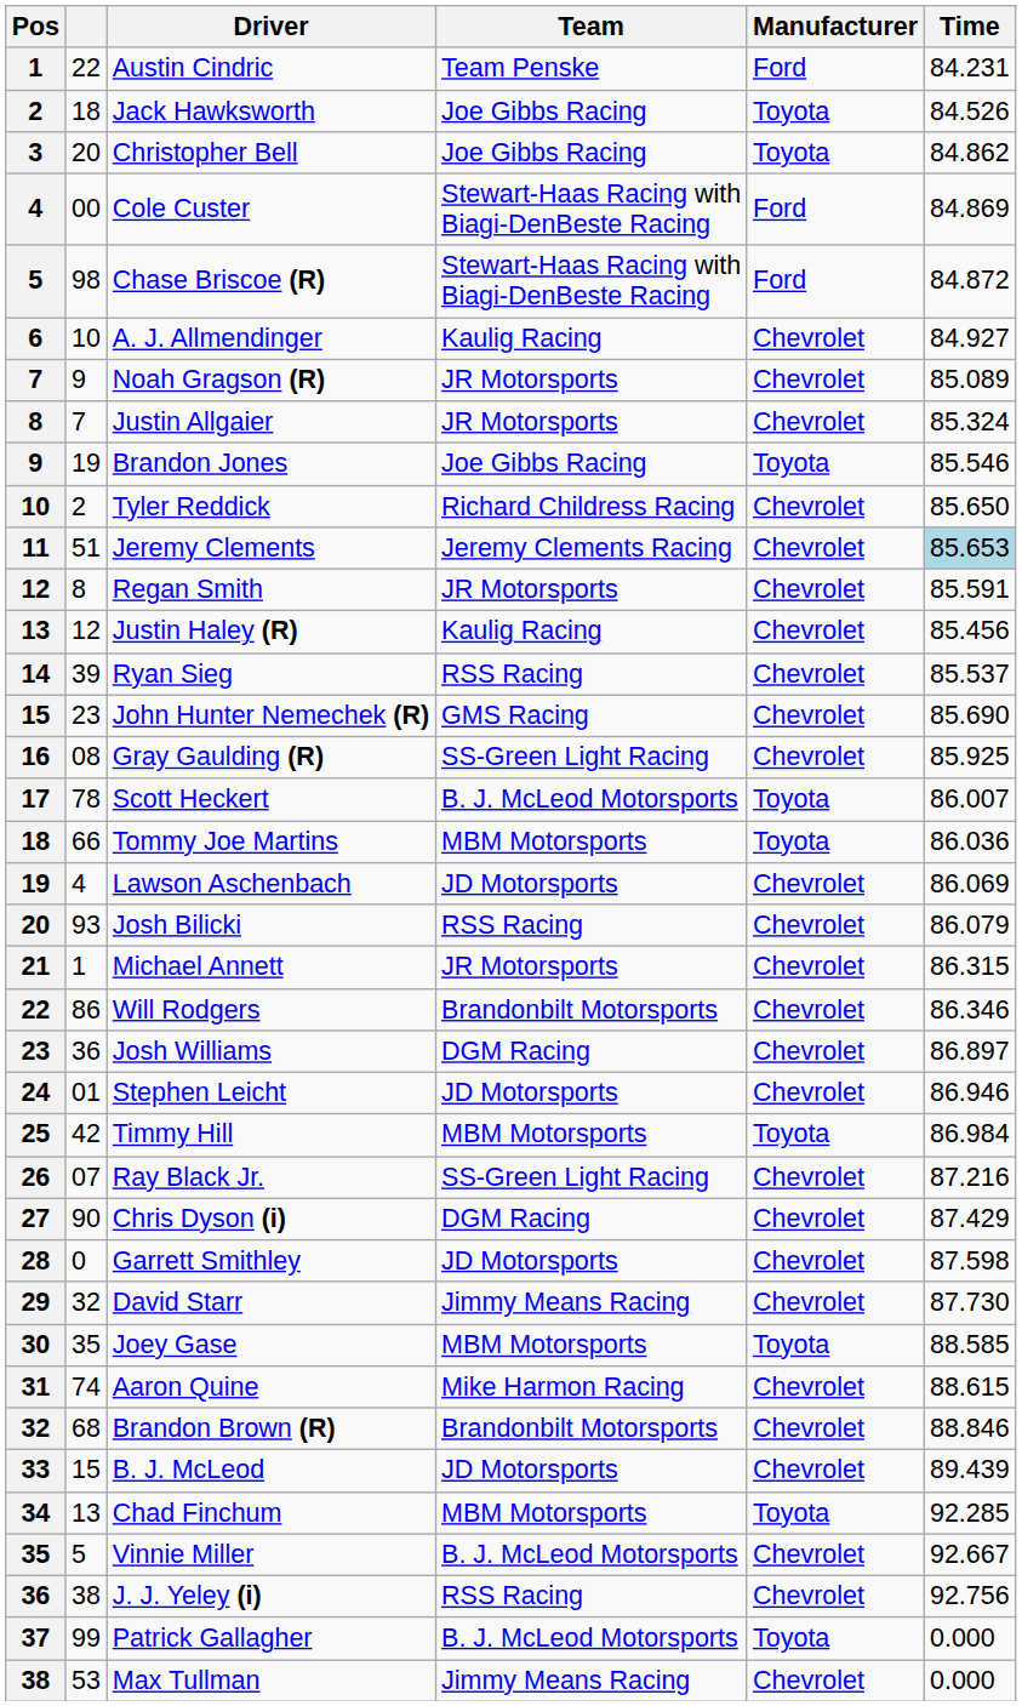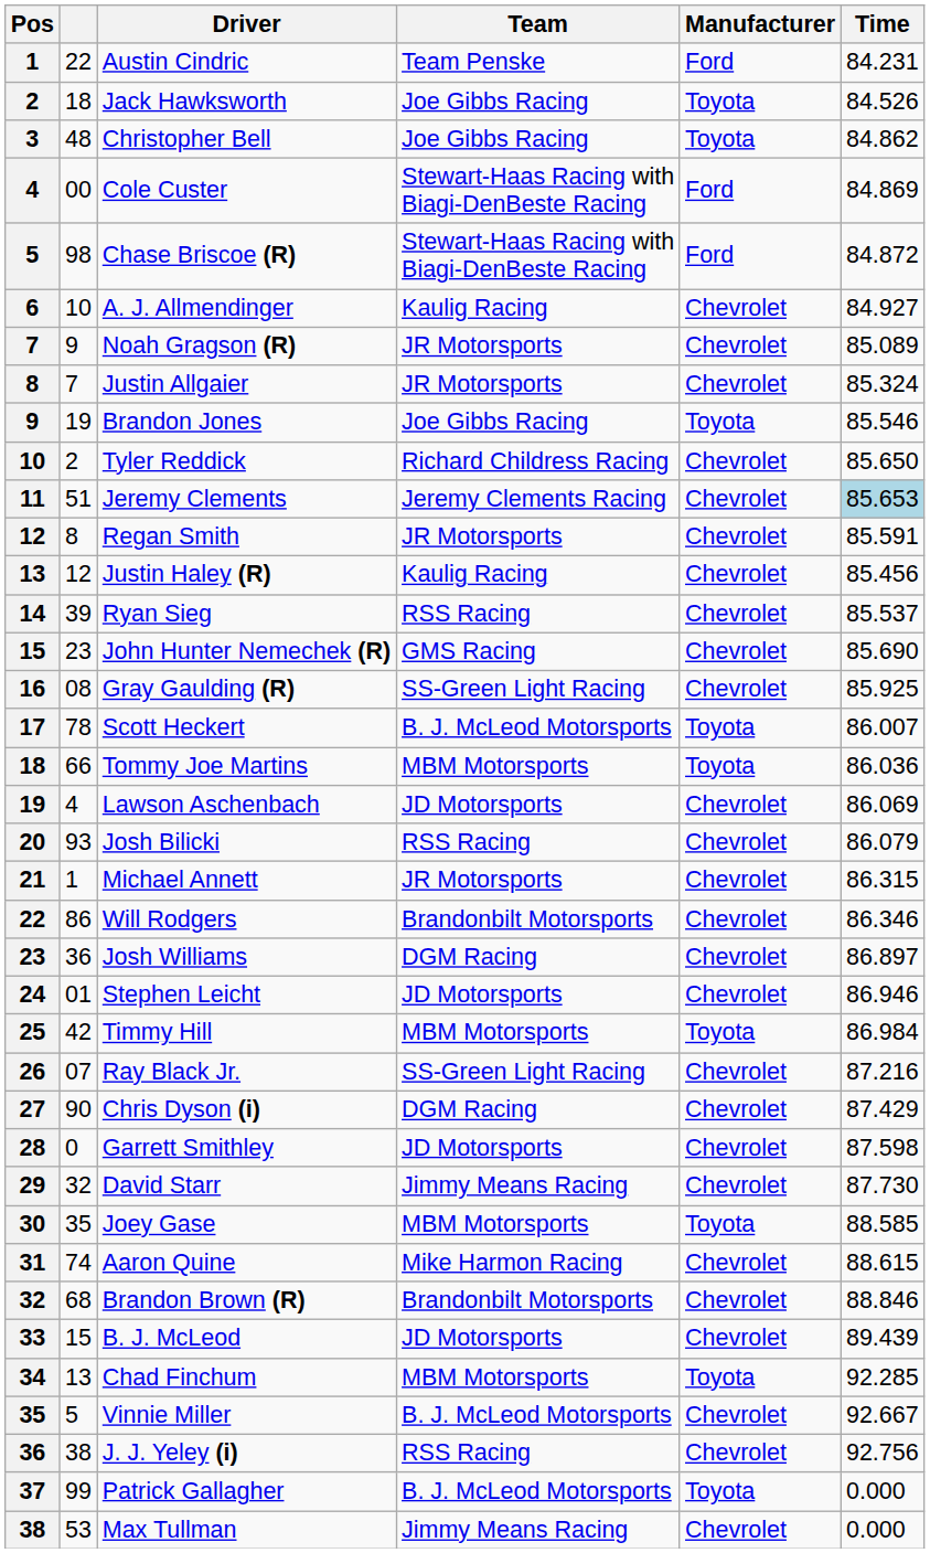 <table class="wikitable" style="font-size:98%">
 <tr>
 <th>Pos</th>
 <th></th>
 <th>Driver</th>
 <th>Team</th>
 <th>Manufacturer</th>
 <th>Time</th>
 </tr>
 <tr>
 <th>1</th>
 <td>22</td>
 <td><a href='#'>Austin Cindric</a></td>
 <td><a href='#'>Team Penske</a></td>
 <td><a href='#'>Ford</a></td>
 <td>84.231</td>
 </tr>
 <tr>
 <th>2</th>
 <td>18</td>
 <td><a href='#'>Jack Hawksworth</a></td>
 <td><a href='#'>Joe Gibbs Racing</a></td>
 <td><a href='#'>Toyota</a></td>
 <td>84.526</td>
 </tr>
 <tr>
 <th>3</th>
-<td>20</td>
+<td>48</td>
 <td><a href='#'>Christopher Bell</a></td>
 <td><a href='#'>Joe Gibbs Racing</a></td>
 <td><a href='#'>Toyota</a></td>
 <td>84.862</td>
 </tr>
 <tr>
 <th>4</th>
 <td>00</td>
 <td><a href='#'>Cole Custer</a></td>
 <td><a href='#'>Stewart-Haas Racing</a> with <br> <a href='#'>Biagi-DenBeste Racing</a></td>
 <td><a href='#'>Ford</a></td>
 <td>84.869</td>
 </tr>
 <tr>
 <th>5</th>
 <td>98</td>
 <td><a href='#'>Chase Briscoe</a> <strong>(R)</strong></td>
 <td><a href='#'>Stewart-Haas Racing</a> with <br> <a href='#'>Biagi-DenBeste Racing</a></td>
 <td><a href='#'>Ford</a></td>
 <td>84.872</td>
 </tr>
 <tr>
 <th>6</th>
 <td>10</td>
 <td><a href='#'>A. J. Allmendinger</a></td>
 <td><a href='#'>Kaulig Racing</a></td>
 <td><a href='#'>Chevrolet</a></td>
 <td>84.927</td>
 </tr>
 <tr>
 <th>7</th>
 <td>9</td>
 <td><a href='#'>Noah Gragson</a> <strong>(R)</strong></td>
 <td><a href='#'>JR Motorsports</a></td>
 <td><a href='#'>Chevrolet</a></td>
 <td>85.089</td>
 </tr>
 <tr>
 <th>8</th>
 <td>7</td>
 <td><a href='#'>Justin Allgaier</a></td>
 <td><a href='#'>JR Motorsports</a></td>
 <td><a href='#'>Chevrolet</a></td>
 <td>85.324</td>
 </tr>
 <tr>
 <th>9</th>
 <td>19</td>
 <td><a href='#'>Brandon Jones</a></td>
 <td><a href='#'>Joe Gibbs Racing</a></td>
 <td><a href='#'>Toyota</a></td>
 <td>85.546</td>
 </tr>
 <tr>
 <th>10</th>
 <td>2</td>
 <td><a href='#'>Tyler Reddick</a></td>
 <td><a href='#'>Richard Childress Racing</a></td>
 <td><a href='#'>Chevrolet</a></td>
 <td>85.650</td>
 </tr>
 <tr>
 <th>11</th>
 <td>51</td>
 <td><a href='#'>Jeremy Clements</a></td>
 <td><a href='#'>Jeremy Clements Racing</a></td>
 <td><a href='#'>Chevrolet</a></td>
 <td style="background: lightblue;">85.653</td>
 </tr>
 <tr>
 <th>12</th>
 <td>8</td>
 <td><a href='#'>Regan Smith</a></td>
 <td><a href='#'>JR Motorsports</a></td>
 <td><a href='#'>Chevrolet</a></td>
 <td>85.591</td>
 </tr>
 <tr>
 <th>13</th>
 <td>12</td>
 <td><a href='#'>Justin Haley</a> <strong>(R)</strong></td>
 <td><a href='#'>Kaulig Racing</a></td>
 <td><a href='#'>Chevrolet</a></td>
 <td>85.456</td>
 </tr>
 <tr>
 <th>14</th>
 <td>39</td>
 <td><a href='#'>Ryan Sieg</a></td>
 <td><a href='#'>RSS Racing</a></td>
 <td><a href='#'>Chevrolet</a></td>
 <td>85.537</td>
 </tr>
 <tr>
 <th>15</th>
 <td>23</td>
 <td><a href='#'>John Hunter Nemechek</a> <strong>(R)</strong></td>
 <td><a href='#'>GMS Racing</a></td>
 <td><a href='#'>Chevrolet</a></td>
 <td>85.690</td>
 </tr>
 <tr>
 <th>16</th>
 <td>08</td>
 <td><a href='#'>Gray Gaulding</a> <strong>(R)</strong></td>
 <td><a href='#'>SS-Green Light Racing</a></td>
 <td><a href='#'>Chevrolet</a></td>
 <td>85.925</td>
 </tr>
 <tr>
 <th>17</th>
 <td>78</td>
 <td><a href='#'>Scott Heckert</a></td>
 <td><a href='#'>B. J. McLeod Motorsports</a></td>
 <td><a href='#'>Toyota</a></td>
 <td>86.007</td>
 </tr>
 <tr>
 <th>18</th>
 <td>66</td>
 <td><a href='#'>Tommy Joe Martins</a></td>
 <td><a href='#'>MBM Motorsports</a></td>
 <td><a href='#'>Toyota</a></td>
 <td>86.036</td>
 </tr>
 <tr>
 <th>19</th>
 <td>4</td>
 <td><a href='#'>Lawson Aschenbach</a></td>
 <td><a href='#'>JD Motorsports</a></td>
 <td><a href='#'>Chevrolet</a></td>
 <td>86.069</td>
 </tr>
 <tr>
 <th>20</th>
 <td>93</td>
 <td><a href='#'>Josh Bilicki</a></td>
 <td><a href='#'>RSS Racing</a></td>
 <td><a href='#'>Chevrolet</a></td>
 <td>86.079</td>
 </tr>
 <tr>
 <th>21</th>
 <td>1</td>
 <td><a href='#'>Michael Annett</a></td>
 <td><a href='#'>JR Motorsports</a></td>
 <td><a href='#'>Chevrolet</a></td>
 <td>86.315</td>
 </tr>
 <tr>
 <th>22</th>
 <td>86</td>
 <td><a href='#'>Will Rodgers</a></td>
 <td><a href='#'>Brandonbilt Motorsports</a></td>
 <td><a href='#'>Chevrolet</a></td>
 <td>86.346</td>
 </tr>
 <tr>
 <th>23</th>
 <td>36</td>
 <td><a href='#'>Josh Williams</a></td>
 <td><a href='#'>DGM Racing</a></td>
 <td><a href='#'>Chevrolet</a></td>
 <td>86.897</td>
 </tr>
 <tr>
 <th>24</th>
 <td>01</td>
 <td><a href='#'>Stephen Leicht</a></td>
 <td><a href='#'>JD Motorsports</a></td>
 <td><a href='#'>Chevrolet</a></td>
 <td>86.946</td>
 </tr>
 <tr>
 <th>25</th>
 <td>42</td>
 <td><a href='#'>Timmy Hill</a></td>
 <td><a href='#'>MBM Motorsports</a></td>
 <td><a href='#'>Toyota</a></td>
 <td>86.984</td>
 </tr>
 <tr>
 <th>26</th>
 <td>07</td>
 <td><a href='#'>Ray Black Jr.</a></td>
 <td><a href='#'>SS-Green Light Racing</a></td>
 <td><a href='#'>Chevrolet</a></td>
 <td>87.216</td>
 </tr>
 <tr>
 <th>27</th>
 <td>90</td>
 <td><a href='#'>Chris Dyson</a> <strong>(i)</strong></td>
 <td><a href='#'>DGM Racing</a></td>
 <td><a href='#'>Chevrolet</a></td>
 <td>87.429</td>
 </tr>
 <tr>
 <th>28</th>
 <td>0</td>
 <td><a href='#'>Garrett Smithley</a></td>
 <td><a href='#'>JD Motorsports</a></td>
 <td><a href='#'>Chevrolet</a></td>
 <td>87.598</td>
 </tr>
 <tr>
 <th>29</th>
 <td>32</td>
 <td><a href='#'>David Starr</a></td>
 <td><a href='#'>Jimmy Means Racing</a></td>
 <td><a href='#'>Chevrolet</a></td>
 <td>87.730</td>
 </tr>
 <tr>
 <th>30</th>
 <td>35</td>
 <td><a href='#'>Joey Gase</a></td>
 <td><a href='#'>MBM Motorsports</a></td>
 <td><a href='#'>Toyota</a></td>
 <td>88.585</td>
 </tr>
 <tr>
 <th>31</th>
 <td>74</td>
 <td><a href='#'>Aaron Quine</a></td>
 <td><a href='#'>Mike Harmon Racing</a></td>
 <td><a href='#'>Chevrolet</a></td>
 <td>88.615</td>
 </tr>
 <tr>
 <th>32</th>
 <td>68</td>
 <td><a href='#'>Brandon Brown</a> <strong>(R)</strong></td>
 <td><a href='#'>Brandonbilt Motorsports</a></td>
 <td><a href='#'>Chevrolet</a></td>
 <td>88.846</td>
 </tr>
 <tr>
 <th>33</th>
 <td>15</td>
 <td><a href='#'>B. J. McLeod</a></td>
 <td><a href='#'>JD Motorsports</a></td>
 <td><a href='#'>Chevrolet</a></td>
 <td>89.439</td>
 </tr>
 <tr>
 <th>34</th>
 <td>13</td>
 <td><a href='#'>Chad Finchum</a></td>
 <td><a href='#'>MBM Motorsports</a></td>
 <td><a href='#'>Toyota</a></td>
 <td>92.285</td>
 </tr>
 <tr>
 <th>35</th>
 <td>5</td>
 <td><a href='#'>Vinnie Miller</a></td>
 <td><a href='#'>B. J. McLeod Motorsports</a></td>
 <td><a href='#'>Chevrolet</a></td>
 <td>92.667</td>
 </tr>
 <tr>
 <th>36</th>
 <td>38</td>
 <td><a href='#'>J. J. Yeley</a> <strong>(i)</strong></td>
 <td><a href='#'>RSS Racing</a></td>
 <td><a href='#'>Chevrolet</a></td>
 <td>92.756</td>
 </tr>
 <tr>
 <th>37</th>
 <td>99</td>
 <td><a href='#'>Patrick Gallagher</a></td>
 <td><a href='#'>B. J. McLeod Motorsports</a></td>
 <td><a href='#'>Toyota</a></td>
 <td>0.000</td>
 </tr>
 <tr>
 <th>38</th>
 <td>53</td>
 <td><a href='#'>Max Tullman</a></td>
 <td><a href='#'>Jimmy Means Racing</a></td>
 <td><a href='#'>Chevrolet</a></td>
 <td>0.000</td>
 </tr>
 <tr>
 </tr>
 </table>
